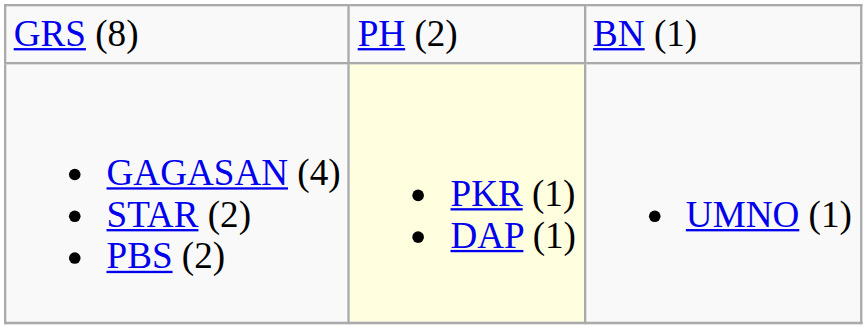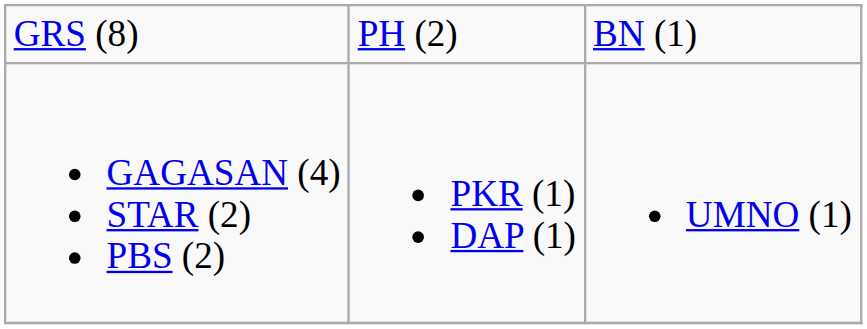 <table class="wikitable">
 <tr>
 <td> <a href='#'>GRS</a> (8)</td>
 <td> <a href='#'>PH</a> (2)</td>
 <td> <a href='#'>BN</a> (1)</td>
 </tr>
 <tr>
 <td><br><ul><li> <a href='#'>GAGASAN</a> (4)</li><li> <a href='#'>STAR</a> (2)</li><li> <a href='#'>PBS</a> (2)</li></ul></td>
-<td style="background: lightyellow;"><br><ul><li> <a href='#'>PKR</a> (1)</li><li> <a href='#'>DAP</a> (1)</li></ul></td>
+<td><br><ul><li> <a href='#'>PKR</a> (1)</li><li> <a href='#'>DAP</a> (1)</li></ul></td>
 <td><br><ul><li> <a href='#'>UMNO</a> (1)</li></ul></td>
 </tr>
 <tr>
 </tr>
 </table>
